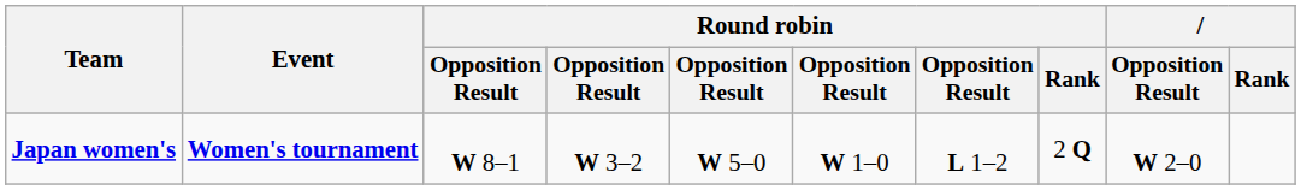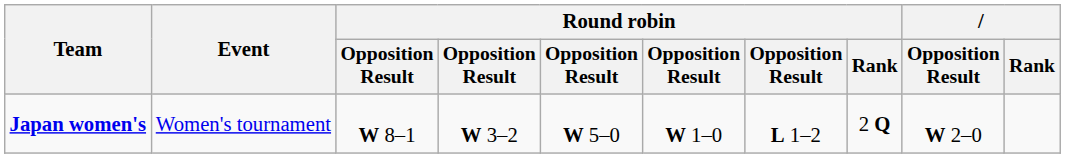 <table class=wikitable style=font-size:90%;text-align:center>
 <tr>
 <th rowspan=2>Team</th>
 <th rowspan=2>Event</th>
 <th colspan=6>Round robin</th>
 <th colspan=2> / </th>
 </tr>
 <tr style=font-size:95%>
 <th>Opposition<br>Result</th>
 <th>Opposition<br>Result</th>
 <th>Opposition<br>Result</th>
 <th>Opposition<br>Result</th>
 <th>Opposition<br>Result</th>
 <th>Rank</th>
 <th>Opposition<br>Result</th>
 <th>Rank</th>
 </tr>
 <tr>
 <td align=left><strong><a href='#'>Japan women's</a></strong></td>
-<td align=left><strong><a href='#'>Women's tournament</a></strong></td>
+<td align=left><a href='#'>Women's tournament</a></td>
 <td><br><strong>W</strong> 8–1</td>
 <td><br><strong>W</strong> 3–2</td>
 <td><br><strong>W</strong> 5–0</td>
 <td><br><strong>W</strong> 1–0</td>
 <td><br><strong>L</strong> 1–2</td>
 <td>2 <strong>Q</strong></td>
 <td><br><strong>W</strong> 2–0</td>
 <td></td>
 </tr>
 </table>
